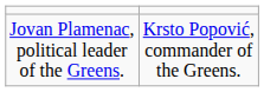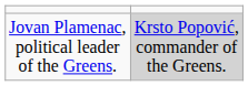 <table class="wikitable" style="text-align:left; float:right; margin-right:9px; margin-left:2px;">
 <tr>
 <td style="text-align:left;"></td>
 <td style="text-align:left;"></td>
 </tr>
 <tr>
 <td style="text-align:center;"><a href='#'>Jovan Plamenac</a>, <br>political leader <br>of the <a href='#'>Greens</a>.</td>
-<td style="text-align:center;"><a href='#'>Krsto Popović</a>, <br>commander of <br>the Greens.</td>
+<td style="background: lightgrey; text-align:center;"><a href='#'>Krsto Popović</a>, <br>commander of <br>the Greens.</td>
 </tr>
 </table>
